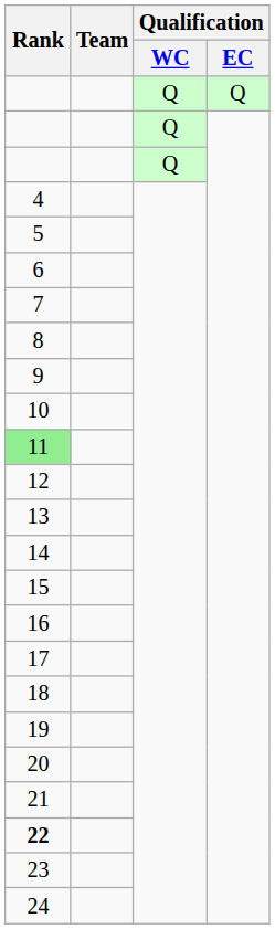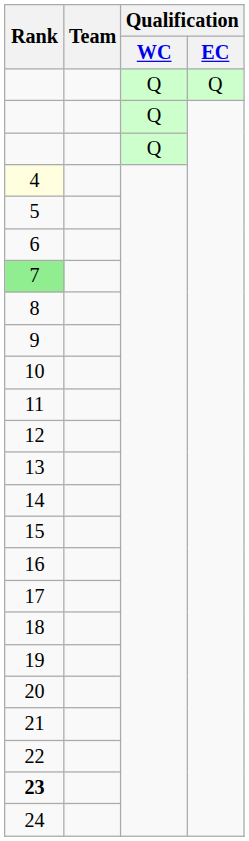 <table class="wikitable" style="margin-right:30px">
 <tr>
 <th style="width: 40px;" rowspan="2">Rank</th>
 <th rowspan="2">Team</th>
 <th colspan="2">Qualification</th>
 </tr>
 <tr>
 <th><a href='#'>WC</a></th>
 <th><a href='#'>EC</a></th>
 </tr>
 <tr>
 <td style="text-align: center;"></td>
 <td></td>
 <td style="text-align: center; background: #CCFFCC;">Q</td>
 <td style="text-align: center; background: #CCFFCC;">Q</td>
 </tr>
 <tr>
 <td style="text-align: center;"></td>
 <td></td>
 <td style="text-align: center; background: #CCFFCC;">Q</td>
 <td rowspan="23"></td>
 </tr>
 <tr>
 <td style="text-align: center;"></td>
 <td></td>
 <td style="text-align: center; background: #CCFFCC;">Q</td>
 </tr>
 <tr>
-<td style="text-align: center;">4</td>
+<td style="background: lightyellow; text-align: center;">4</td>
 <td></td>
 <td rowspan="21"></td>
 </tr>
 <tr>
 <td style="text-align: center;">5</td>
 <td></td>
 </tr>
 <tr>
 <td style="text-align: center;">6</td>
 <td></td>
 </tr>
 <tr>
-<td style="text-align: center;">7</td>
+<td style="background: lightgreen; text-align: center;">7</td>
 <td></td>
 </tr>
 <tr>
 <td style="text-align: center;">8</td>
 <td></td>
 </tr>
 <tr>
 <td style="text-align: center;">9</td>
 <td></td>
 </tr>
 <tr>
 <td style="text-align: center;">10</td>
 <td></td>
 </tr>
 <tr>
-<td style="background: lightgreen; text-align: center;">11</td>
+<td style="text-align: center;">11</td>
 <td></td>
 </tr>
 <tr>
 <td style="text-align: center;">12</td>
 <td></td>
 </tr>
 <tr>
 <td style="text-align: center;">13</td>
 <td></td>
 </tr>
 <tr>
 <td style="text-align: center;">14</td>
 <td></td>
 </tr>
 <tr>
 <td style="text-align: center;">15</td>
 <td></td>
 </tr>
 <tr>
 <td style="text-align: center;">16</td>
 <td></td>
 </tr>
 <tr>
 <td style="text-align: center;">17</td>
 <td></td>
 </tr>
 <tr>
 <td style="text-align: center;">18</td>
 <td></td>
 </tr>
 <tr>
 <td style="text-align: center;">19</td>
 <td></td>
 </tr>
 <tr>
 <td style="text-align: center;">20</td>
 <td></td>
 </tr>
 <tr>
 <td style="text-align: center;">21</td>
 <td></td>
 </tr>
 <tr>
-<td style="text-align: center;"><strong>22</strong></td>
+<td style="text-align: center;">22</td>
 <td></td>
 </tr>
 <tr>
-<td style="text-align: center;">23</td>
+<td style="text-align: center;"><strong>23</strong></td>
 <td></td>
 </tr>
 <tr>
 <td style="text-align: center;">24</td>
 <td></td>
 </tr>
 </table>
